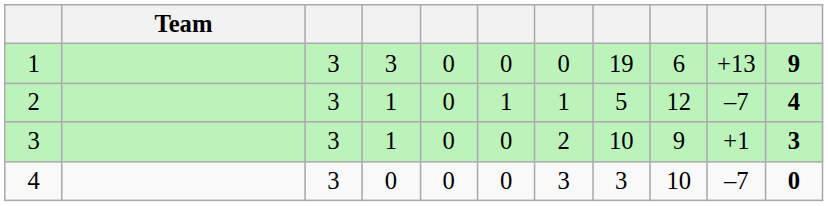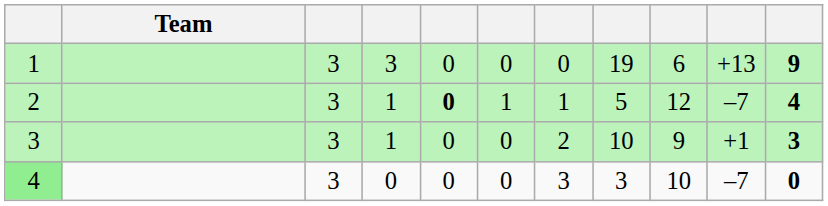 <table class="wikitable" style="text-align: center; font-size: 100%;">
 <tr>
 <th width="30"></th>
 <th width="150">Team</th>
 <th width="30"></th>
 <th width="30"></th>
 <th width="30"></th>
 <th width="30"></th>
 <th width="30"></th>
 <th width="30"></th>
 <th width="30"></th>
 <th width="30"></th>
 <th width="30"></th>
 </tr>
 <tr style="background-color: #bbf3bb">
 <td>1</td>
 <td align="left"></td>
 <td>3</td>
 <td>3</td>
 <td>0</td>
 <td>0</td>
 <td>0</td>
 <td>19</td>
 <td>6</td>
 <td>+13</td>
 <td><strong>9</strong></td>
 </tr>
 <tr style="background-color: #bbf3bb">
 <td>2</td>
 <td align="left"></td>
 <td>3</td>
 <td>1</td>
-<td>0</td>
+<td><strong>0</strong></td>
 <td>1</td>
 <td>1</td>
 <td>5</td>
 <td>12</td>
 <td>–7</td>
 <td><strong>4</strong></td>
 </tr>
 <tr style="background-color: #bbf3bb">
 <td>3</td>
 <td align="left"></td>
 <td>3</td>
 <td>1</td>
 <td>0</td>
 <td>0</td>
 <td>2</td>
 <td>10</td>
 <td>9</td>
 <td>+1</td>
 <td><strong>3</strong></td>
 </tr>
 <tr>
-<td>4</td>
+<td style="background: lightgreen;">4</td>
 <td align="left"></td>
 <td>3</td>
 <td>0</td>
 <td>0</td>
 <td>0</td>
 <td>3</td>
 <td>3</td>
 <td>10</td>
 <td>–7</td>
 <td><strong>0</strong></td>
 </tr>
 </table>
